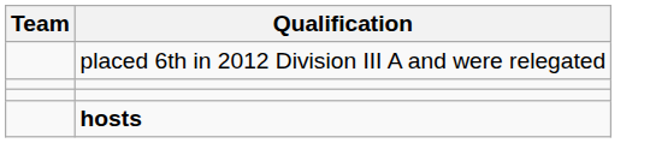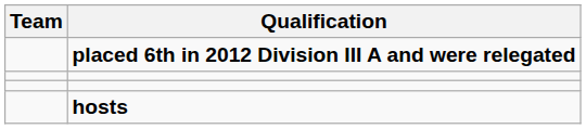 <table class="wikitable">
 <tr>
 <th>Team</th>
 <th>Qualification</th>
 </tr>
 <tr>
 <td></td>
-<td>placed 6th in 2012 Division III A and were relegated</td>
+<td><strong>placed 6th in 2012 Division III A and were relegated</strong></td>
 </tr>
 <tr>
 <td></td>
 <td></td>
 </tr>
 <tr>
 <td></td>
 <td></td>
 </tr>
 <tr>
 <td></td>
 <td><strong>hosts</strong></td>
 </tr>
 </table>
